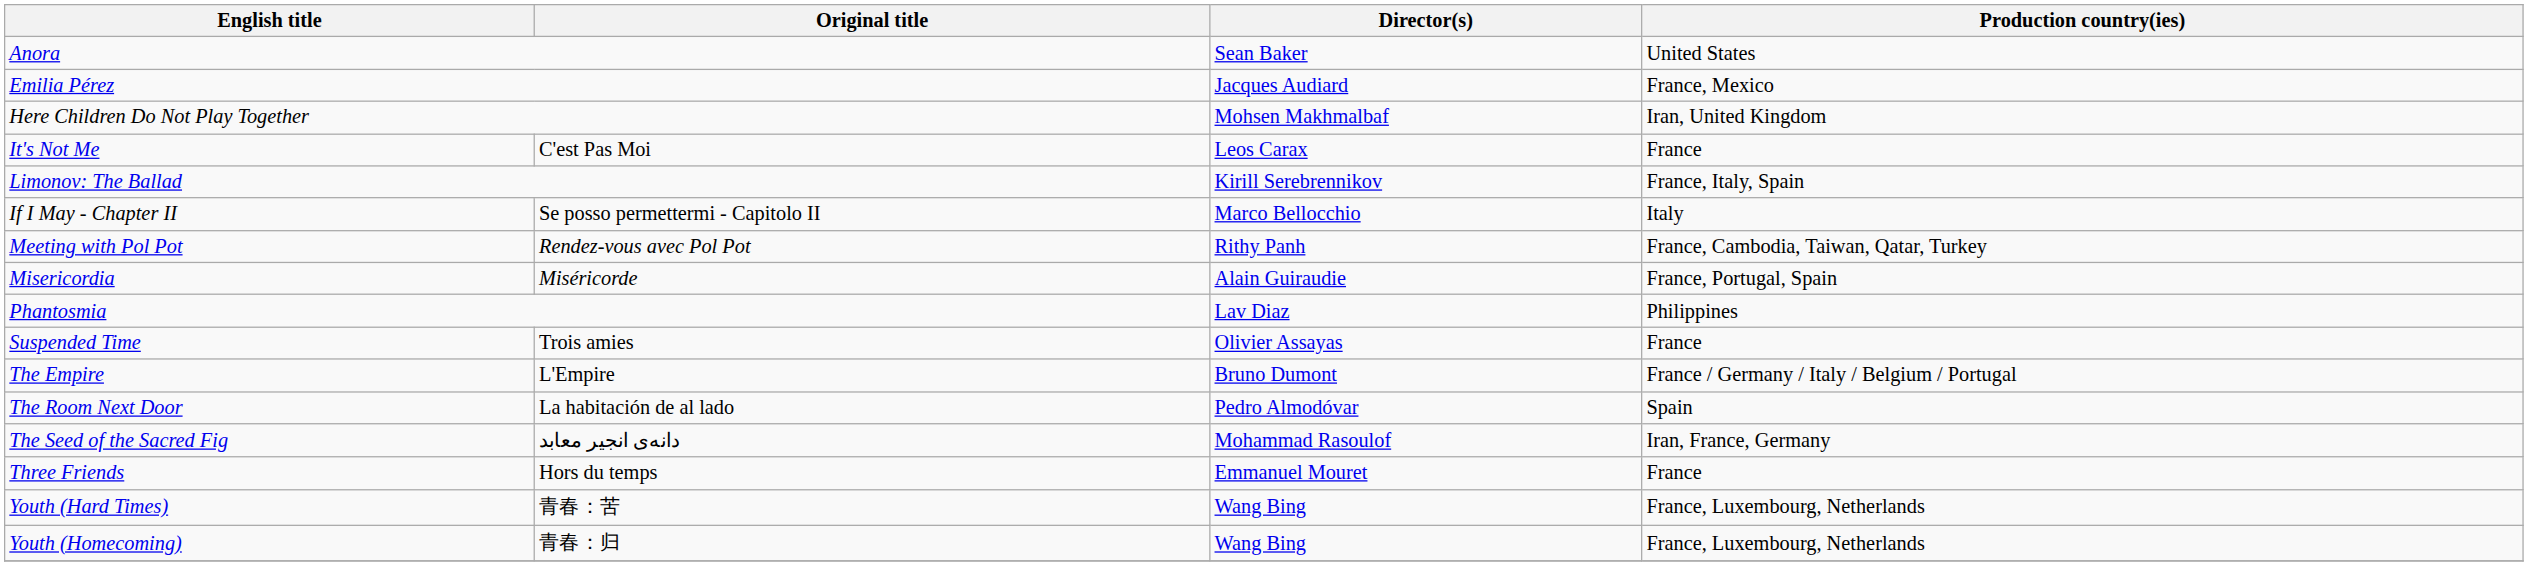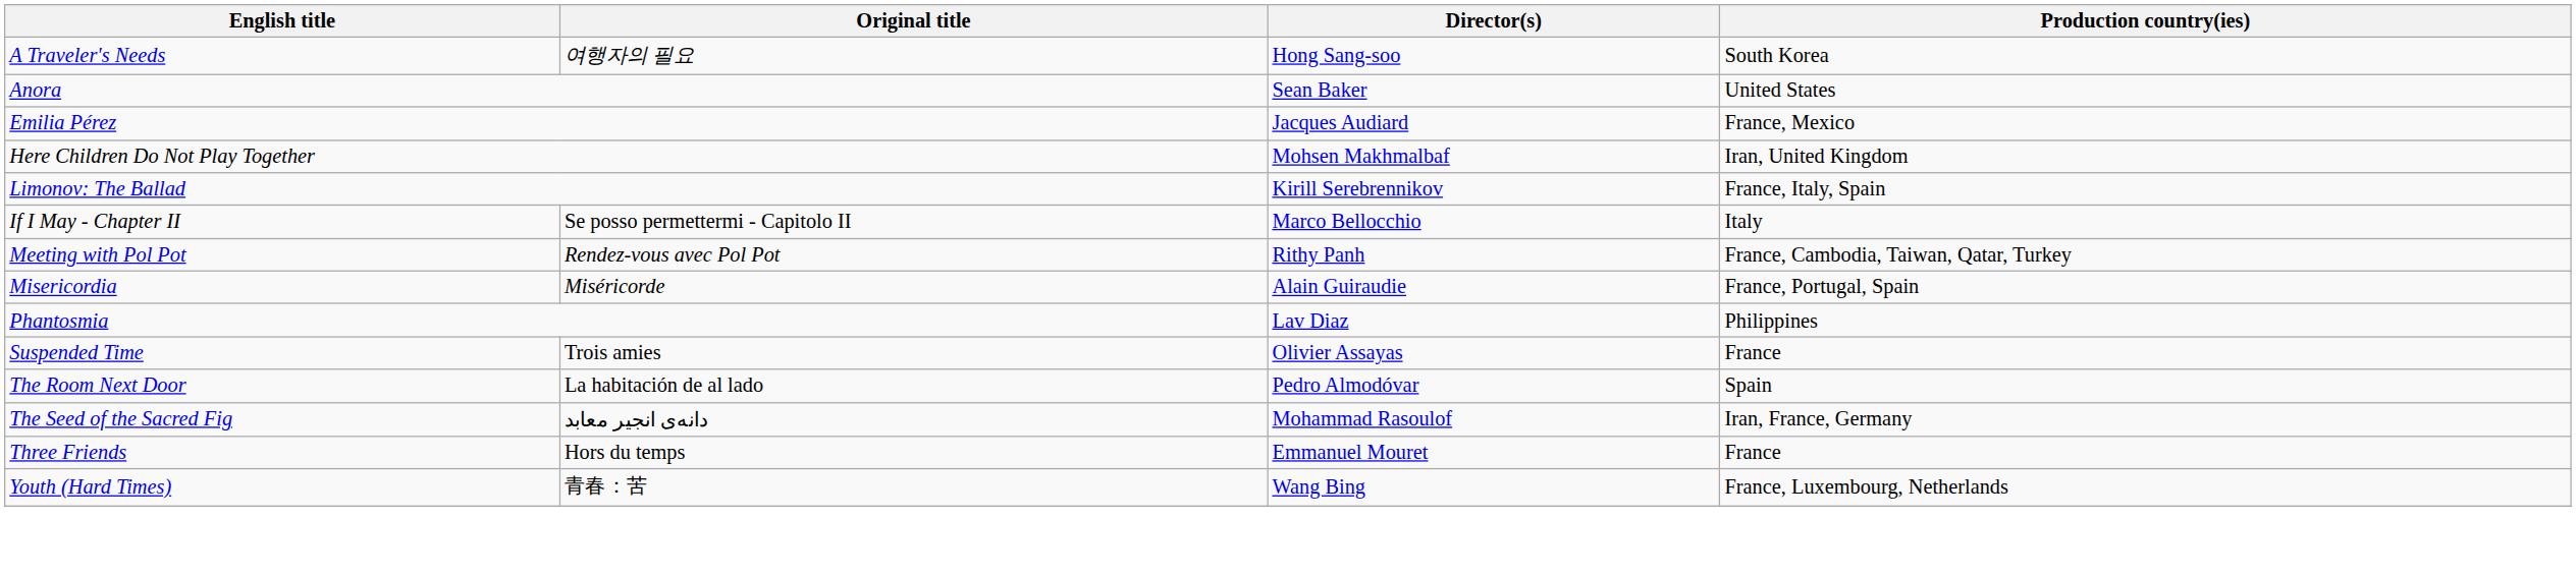 <table class="sortable wikitable" style="width:100%; margin-bottom:4px" cellpadding="5">
 <tr>
 <th scope="col">English title</th>
 <th scope="col">Original title</th>
 <th scope="col">Director(s)</th>
 <th scope="col">Production country(ies)</th>
+</tr>
+<tr>
+<td><em><a href='#'>A Traveler's Needs</a></em></td>
+<td><em>여행자의 필요</em></td>
+<td><a href='#'>Hong Sang-soo</a></td>
+<td>South Korea</td>
 </tr>
 <tr>
 <td colspan="2"><em><a href='#'>Anora</a></em></td>
 <td><a href='#'>Sean Baker</a></td>
 <td>United States</td>
 </tr>
 <tr>
 <td colspan="2"><em><a href='#'>Emilia Pérez</a></em></td>
 <td><a href='#'>Jacques Audiard</a></td>
 <td>France, Mexico</td>
 </tr>
 <tr>
 <td colspan="2"><em>Here Children Do Not Play Together</em></td>
 <td><a href='#'>Mohsen Makhmalbaf</a></td>
 <td>Iran, United Kingdom</td>
-</tr>
-<tr>
-<td><em><a href='#'>It's Not Me</a></em></td>
-<td>C'est Pas Moi</td>
-<td><a href='#'>Leos Carax</a></td>
-<td>France</td>
 </tr>
 <tr>
 <td colspan="2"><em><a href='#'>Limonov: The Ballad</a></em></td>
 <td><a href='#'>Kirill Serebrennikov</a></td>
 <td>France, Italy, Spain</td>
 </tr>
 <tr>
 <td><em>If I May - Chapter II</em></td>
 <td>Se posso permettermi - Capitolo II</td>
 <td><a href='#'>Marco Bellocchio</a></td>
 <td>Italy</td>
 </tr>
 <tr>
 <td><em><a href='#'>Meeting with Pol Pot</a></em></td>
 <td><em>Rendez-vous avec Pol Pot</em></td>
 <td><a href='#'>Rithy Panh</a></td>
 <td>France, Cambodia, Taiwan, Qatar, Turkey</td>
 </tr>
 <tr>
 <td><em><a href='#'>Misericordia</a></em></td>
 <td><em>Miséricorde</em></td>
 <td><a href='#'>Alain Guiraudie</a></td>
 <td>France, Portugal, Spain</td>
 </tr>
 <tr>
 <td colspan="2"><em><a href='#'>Phantosmia</a></em></td>
 <td><a href='#'>Lav Diaz</a></td>
 <td>Philippines</td>
 </tr>
 <tr>
 <td><em><a href='#'>Suspended Time</a></em></td>
 <td>Trois amies</td>
 <td><a href='#'>Olivier Assayas</a></td>
 <td>France</td>
 </tr>
 <tr>
-<td><em><a href='#'>The Empire</a></em></td>
-<td>L'Empire</td>
-<td><a href='#'>Bruno Dumont</a></td>
-<td>France / Germany / Italy / Belgium / Portugal</td>
-</tr>
-<tr>
 <td><em><a href='#'>The Room Next Door</a></em></td>
 <td>La habitación de al lado</td>
 <td><a href='#'>Pedro Almodóvar</a></td>
 <td>Spain</td>
 </tr>
 <tr>
 <td><em><a href='#'>The Seed of the Sacred Fig</a></em></td>
 <td>دانه‌ی انجیر معابد</td>
 <td><a href='#'>Mohammad Rasoulof</a></td>
 <td>Iran, France, Germany</td>
 </tr>
 <tr>
 <td><em><a href='#'>Three Friends</a></em></td>
 <td>Hors du temps</td>
 <td><a href='#'>Emmanuel Mouret</a></td>
 <td>France</td>
 </tr>
 <tr>
 <td><em><a href='#'>Youth (Hard Times)</a></em></td>
 <td>青春：苦</td>
 <td><a href='#'>Wang Bing</a></td>
 <td>France, Luxembourg, Netherlands</td>
 </tr>
 <tr>
-<td><em><a href='#'>Youth (Homecoming)</a></em></td>
-<td>青春：归</td>
-<td><a href='#'>Wang Bing</a></td>
-<td>France, Luxembourg, Netherlands</td>
-</tr>
-<tr>
 </tr>
 </table>
